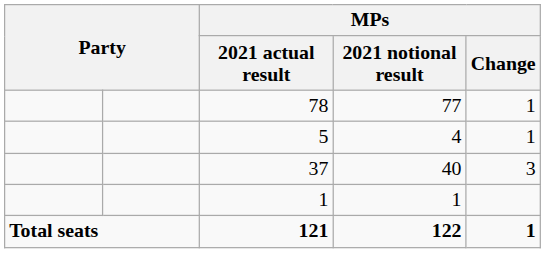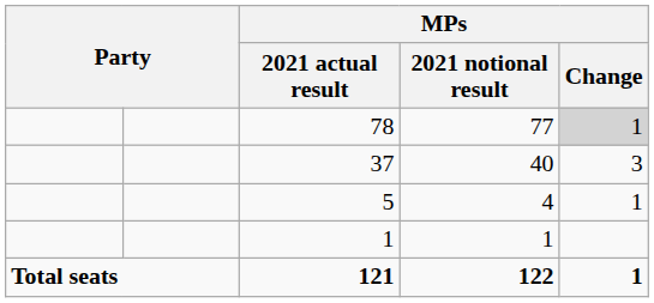 <table class="wikitable" style="text-align:right;">
 <tr>
 <th colspan="2" rowspan="2" class=unsortable style="text-align: center; vertical-align: middle; width: 150px;">Party</th>
 <th colspan="3" style="vertical-align: top;">MPs</th>
 </tr>
 <tr>
 <th data-sort-type=number style="width: 100px;">2021 actual result</th>
 <th data-sort-type=number style="width: 100px;">2021 notional result</th>
 <th data-sort-type=number style="width: 50px;">Change</th>
 </tr>
 <tr>
 <td style="background:"></td>
 <td style="text-align:left"></td>
 <td>78</td>
 <td>77</td>
-<td> 1</td>
+<td style="background: lightgrey;"> 1</td>
+</tr>
+<tr>
+<td style="background:"></td>
+<td style="text-align:left"></td>
+<td>37</td>
+<td>40</td>
+<td> 3</td>
 </tr>
 <tr>
 <td style="background:"></td>
 <td style="text-align:left"></td>
 <td>5</td>
 <td>4</td>
 <td> 1</td>
-</tr>
-<tr>
-<td style="background:"></td>
-<td style="text-align:left"></td>
-<td>37</td>
-<td>40</td>
-<td> 3</td>
 </tr>
 <tr>
 <td style="background:"></td>
 <td style="text-align:left"></td>
 <td>1</td>
 <td>1</td>
 <td></td>
 </tr>
 <tr>
 <td style="text-align: left;" colspan="2"><strong>Total seats</strong></td>
 <td><strong>121</strong></td>
 <td><strong>122</strong></td>
 <td><strong>1</strong> </td>
 </tr>
 </table>
